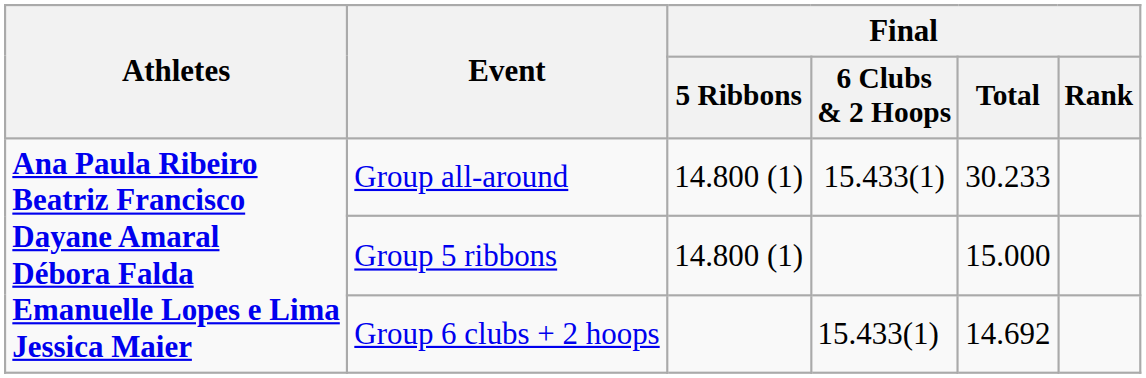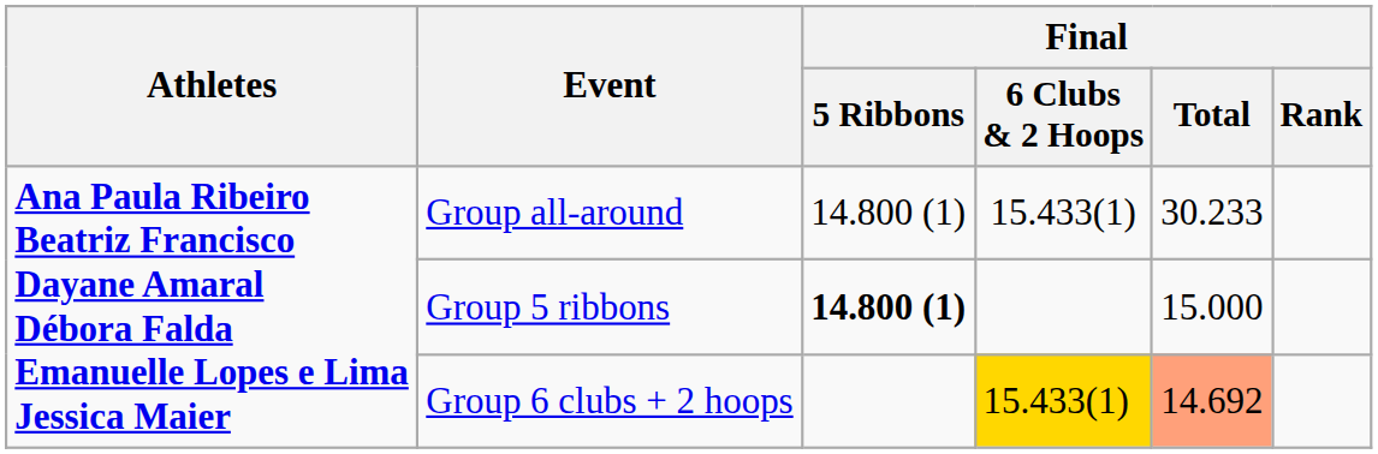 <table class="wikitable" style="font-size:90%">
 <tr>
 <th rowspan="2">Athletes</th>
 <th rowspan="2">Event</th>
 <th colspan="4">Final</th>
 </tr>
 <tr style="font-size:95%">
 <th>5 Ribbons</th>
 <th>6 Clubs<br>& 2 Hoops</th>
 <th>Total</th>
 <th>Rank</th>
 </tr>
 <tr align=center>
 <td align=left rowspan=3><strong><a href='#'>Ana Paula Ribeiro</a></strong><br><strong><a href='#'>Beatriz Francisco</a></strong><br><strong><a href='#'>Dayane Amaral</a></strong><br><strong><a href='#'>Débora Falda</a></strong><br><strong><a href='#'>Emanuelle Lopes e Lima</a></strong><br><strong><a href='#'>Jessica Maier</a></strong></td>
 <td align=left><a href='#'>Group all-around</a></td>
 <td>14.800 (1)</td>
 <td>15.433(1)</td>
 <td>30.233</td>
 <td></td>
 </tr>
 <tr>
 <td align=left><a href='#'>Group 5 ribbons</a></td>
-<td>14.800 (1)</td>
+<td><strong>14.800 (1)</strong></td>
 <td></td>
 <td>15.000</td>
 <td></td>
 </tr>
 <tr>
 <td align=left><a href='#'>Group 6 clubs + 2 hoops</a></td>
 <td></td>
-<td>15.433(1)</td>
-<td>14.692</td>
+<td style="background: gold;">15.433(1)</td>
+<td style="background: lightsalmon;">14.692</td>
 <td></td>
 </tr>
 </table>
